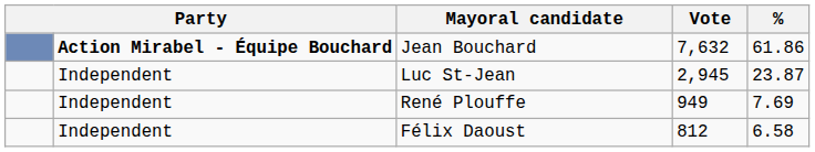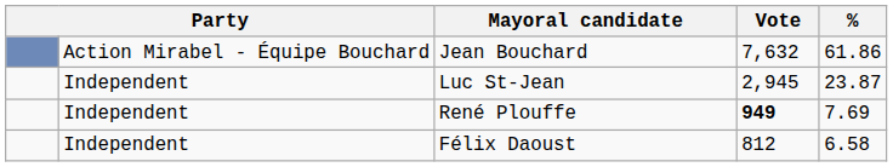 <table class="wikitable">
 <tr>
 <th bgcolor="#DDDDFF" width="230px" colspan="2">Party</th>
 <th bgcolor="#DDDDFF" width="200px">Mayoral candidate</th>
 <th bgcolor="#DDDDFF" width="50px">Vote</th>
 <th bgcolor="#DDDDFF" width="30px">%</th>
 </tr>
 <tr>
 <td bgcolor=#6D89B7 width="30px"> </td>
-<td><strong>Action Mirabel - Équipe Bouchard</strong></td>
+<td>Action Mirabel - Équipe Bouchard</td>
 <td>Jean Bouchard</td>
 <td>7,632</td>
 <td>61.86</td>
 </tr>
 <tr>
 <td> </td>
 <td>Independent</td>
 <td>Luc St-Jean</td>
 <td>2,945</td>
 <td>23.87</td>
 </tr>
 <tr>
 <td> </td>
 <td>Independent</td>
 <td>René Plouffe</td>
-<td>949</td>
+<td><strong>949</strong></td>
 <td>7.69</td>
 </tr>
 <tr>
 <td> </td>
 <td>Independent</td>
 <td>Félix Daoust</td>
 <td>812</td>
 <td>6.58</td>
 </tr>
 </table>
